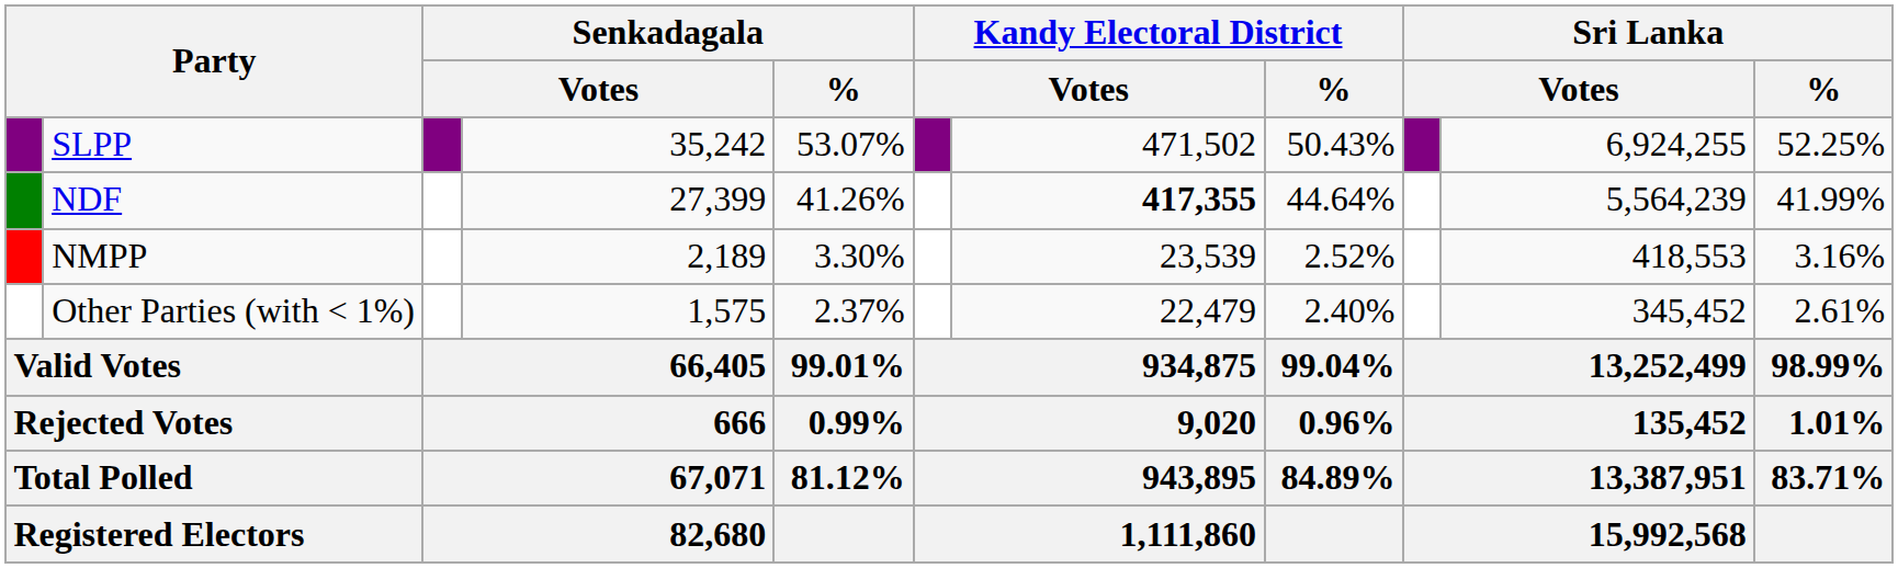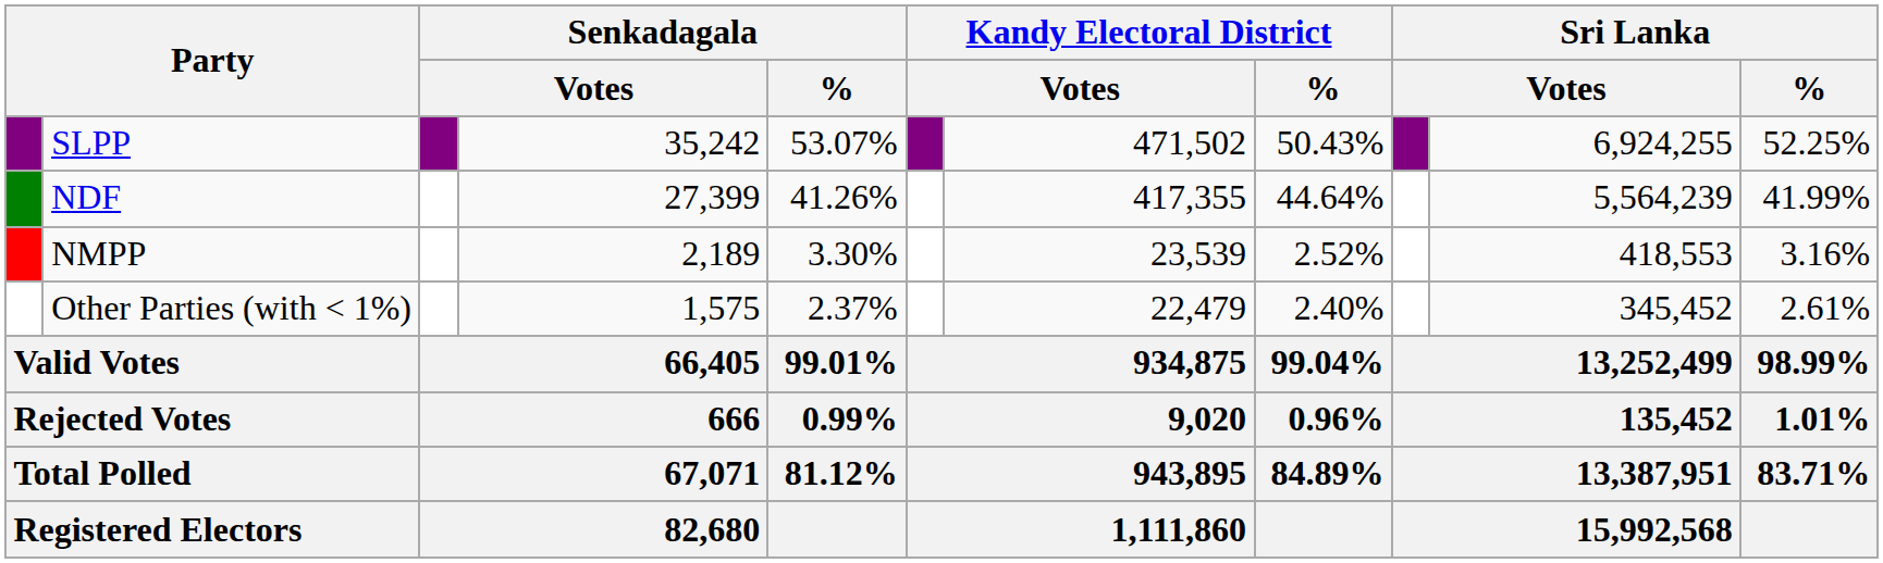 <table class="wikitable">
 <tr>
 <th colspan="2" width="144px"rowspan="2">Party</th>
 <th colspan="3" width="216px">Senkadagala</th>
 <th colspan="3" width="216px"><a href='#'>Kandy Electoral District</a></th>
 <th colspan="3" width="216px">Sri Lanka</th>
 </tr>
 <tr>
 <th colspan="2" width="144px">Votes</th>
 <th>%</th>
 <th colspan="2" width="144px">Votes</th>
 <th>%</th>
 <th colspan="2" width="144px">Votes</th>
 <th>%</th>
 </tr>
 <tr>
 <td style="background-color:purple;" width="10px"></td>
 <td style="text-align:left;"><a href='#'>SLPP</a></td>
 <td style="background-color:purple;" width="10px"></td>
 <td style="text-align:right;">35,242</td>
 <td style="text-align:right;">53.07%</td>
 <td style="background-color:purple;" width="10px"></td>
 <td style="text-align:right;">471,502</td>
 <td style="text-align:right;">50.43%</td>
 <td style="background-color:purple;" width="10px"></td>
 <td style="text-align:right;">6,924,255</td>
 <td style="text-align:right;">52.25%</td>
 </tr>
 <tr>
 <td style="background-color:green;" width="10px"></td>
 <td style="text-align:left;"><a href='#'>NDF</a></td>
 <td style="background-color:white;" width="10px"></td>
 <td style="text-align:right;">27,399</td>
 <td style="text-align:right;">41.26%</td>
 <td style="background-color:white;" width="10px"></td>
-<td style="text-align:right;"><strong>417,355</strong></td>
+<td style="text-align:right;">417,355</td>
 <td style="text-align:right;">44.64%</td>
 <td style="background-color:white;" width="10px"></td>
 <td style="text-align:right;">5,564,239</td>
 <td style="text-align:right;">41.99%</td>
 </tr>
 <tr>
 <td style="background-color:red;" width="10px"></td>
 <td style="text-align:left;">NMPP</td>
 <td style="background-color:white;" width="10px"></td>
 <td style="text-align:right;">2,189</td>
 <td style="text-align:right;">3.30%</td>
 <td style="background-color:white;" width="10px"></td>
 <td style="text-align:right;">23,539</td>
 <td style="text-align:right;">2.52%</td>
 <td style="background-color:white;" width="10px"></td>
 <td style="text-align:right;">418,553</td>
 <td style="text-align:right;">3.16%</td>
 </tr>
 <tr>
 <td style="background-color:white;" width="10px"></td>
 <td style="text-align:left;">Other Parties (with < 1%)</td>
 <td style="background-color:white;" width="10px"></td>
 <td style="text-align:right;">1,575</td>
 <td style="text-align:right;">2.37%</td>
 <td style="background-color:white;" width="10px"></td>
 <td style="text-align:right;">22,479</td>
 <td style="text-align:right;">2.40%</td>
 <td style="background-color:white;" width="10px"></td>
 <td style="text-align:right;">345,452</td>
 <td style="text-align:right;">2.61%</td>
 </tr>
 <tr>
 <th colspan="2" width="144px"style="text-align:left;">Valid Votes</th>
 <th style="text-align:right;"colspan="2" width="144px">66,405</th>
 <th style="text-align:right;">99.01%</th>
 <th style="text-align:right;"colspan="2" width="144px">934,875</th>
 <th style="text-align:right;">99.04%</th>
 <th style="text-align:right;"colspan="2" width="144px">13,252,499</th>
 <th style="text-align:right;">98.99%</th>
 </tr>
 <tr>
 <th colspan="2" width="144px"style="text-align:left;">Rejected Votes</th>
 <th style="text-align:right;"colspan="2" width="144px">666</th>
 <th style="text-align:right;">0.99%</th>
 <th style="text-align:right;"colspan="2" width="144px">9,020</th>
 <th style="text-align:right;">0.96%</th>
 <th style="text-align:right;"colspan="2" width="144px">135,452</th>
 <th style="text-align:right;">1.01%</th>
 </tr>
 <tr>
 <th colspan="2" width="144px"style="text-align:left;">Total Polled</th>
 <th style="text-align:right;"colspan="2" width="144px">67,071</th>
 <th style="text-align:right;">81.12%</th>
 <th style="text-align:right;"colspan="2" width="144px">943,895</th>
 <th style="text-align:right;">84.89%</th>
 <th style="text-align:right;"colspan="2" width="144px">13,387,951</th>
 <th style="text-align:right;">83.71%</th>
 </tr>
 <tr>
 <th colspan="2" width="144px"style="text-align:left;">Registered Electors</th>
 <th style="text-align:right;"colspan="2" width="144px">82,680</th>
 <th></th>
 <th style="text-align:right;"colspan="2" width="144px">1,111,860</th>
 <th></th>
 <th style="text-align:right;"colspan="2" width="144px">15,992,568</th>
 <th></th>
 </tr>
 </table>
